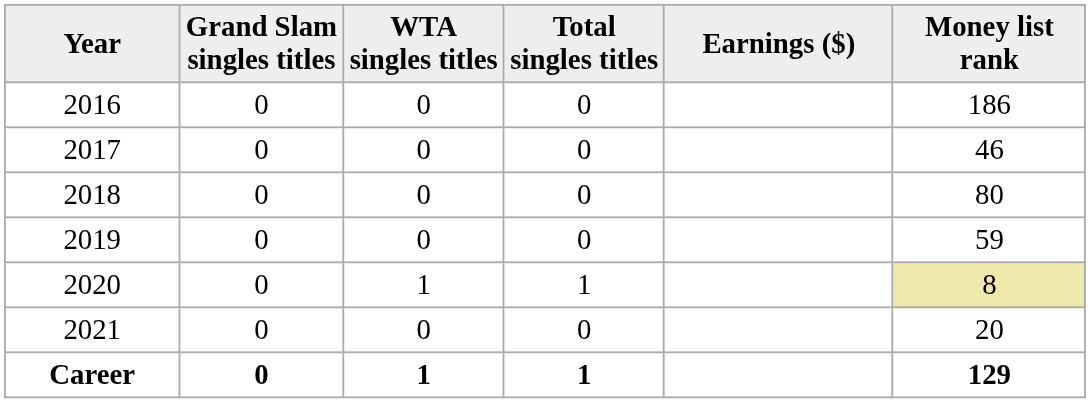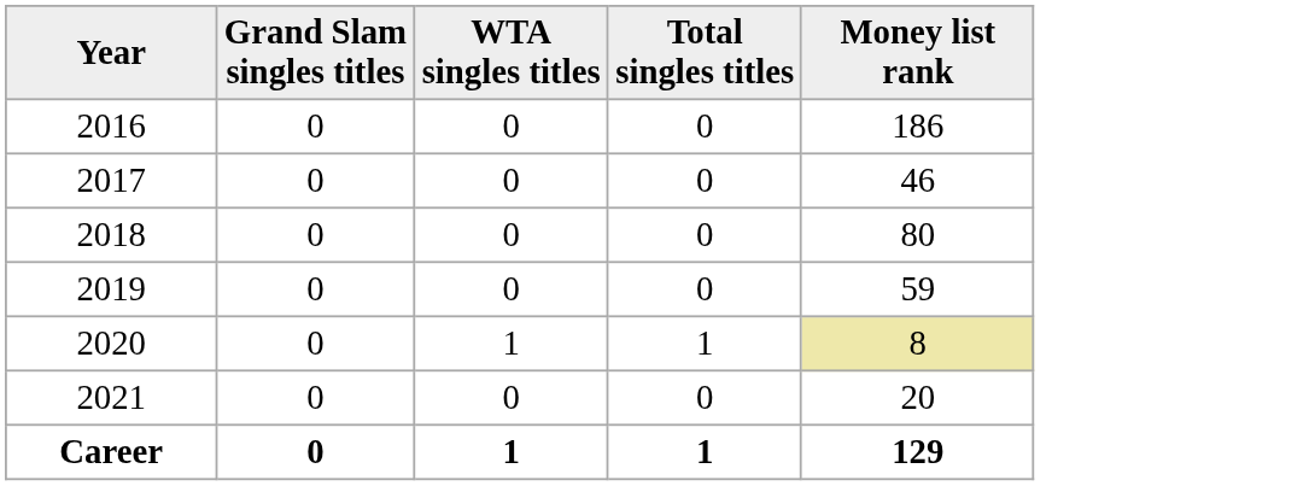 <table cellpadding="3" cellspacing="0" border="1" style="border:#aaa;solid:1px;border-collapse:collapse;text-align:center">
 <tr style="background:#eee;">
 <td width="90"><strong>Year</strong></td>
 <td><strong>Grand Slam<br>singles titles</strong></td>
 <td><strong>WTA <br>singles titles</strong></td>
 <td><strong>Total<br>singles titles</strong></td>
-<td width="120"><strong>Earnings ($)</strong></td>
 <td width="100"><strong>Money list rank</strong></td>
 </tr>
 <tr>
 <td>2016</td>
 <td>0</td>
 <td>0</td>
 <td>0</td>
-<td align="right"></td>
 <td>186</td>
 </tr>
 <tr>
 <td>2017</td>
 <td>0</td>
 <td>0</td>
 <td>0</td>
-<td align="right"></td>
 <td>46</td>
 </tr>
 <tr>
 <td>2018</td>
 <td>0</td>
 <td>0</td>
 <td>0</td>
-<td align="right"></td>
 <td>80</td>
 </tr>
 <tr>
 <td>2019</td>
 <td>0</td>
 <td>0</td>
 <td>0</td>
-<td align="right"></td>
 <td>59</td>
 </tr>
 <tr>
 <td>2020</td>
 <td>0</td>
 <td>1</td>
 <td>1</td>
-<td align="right"></td>
 <td bgcolor=eee8aa>8</td>
 </tr>
 <tr>
 <td>2021</td>
 <td>0</td>
 <td>0</td>
 <td>0</td>
-<td align="right"></td>
 <td>20</td>
 </tr>
 <tr style="font-weight:bold;">
 <td>Career</td>
 <td>0</td>
 <td>1</td>
 <td>1</td>
-<td align="right"></td>
 <td>129</td>
 </tr>
 </table>
